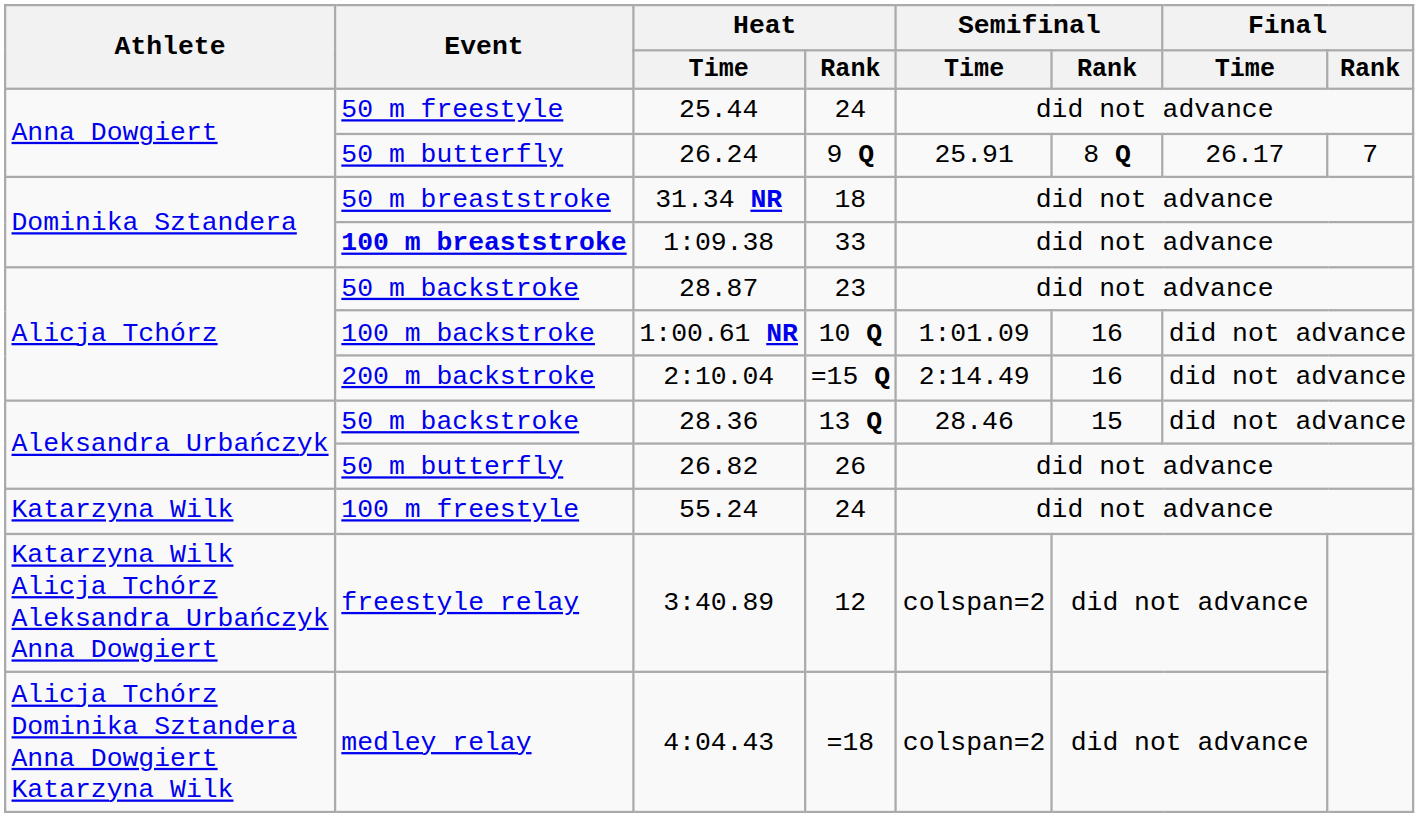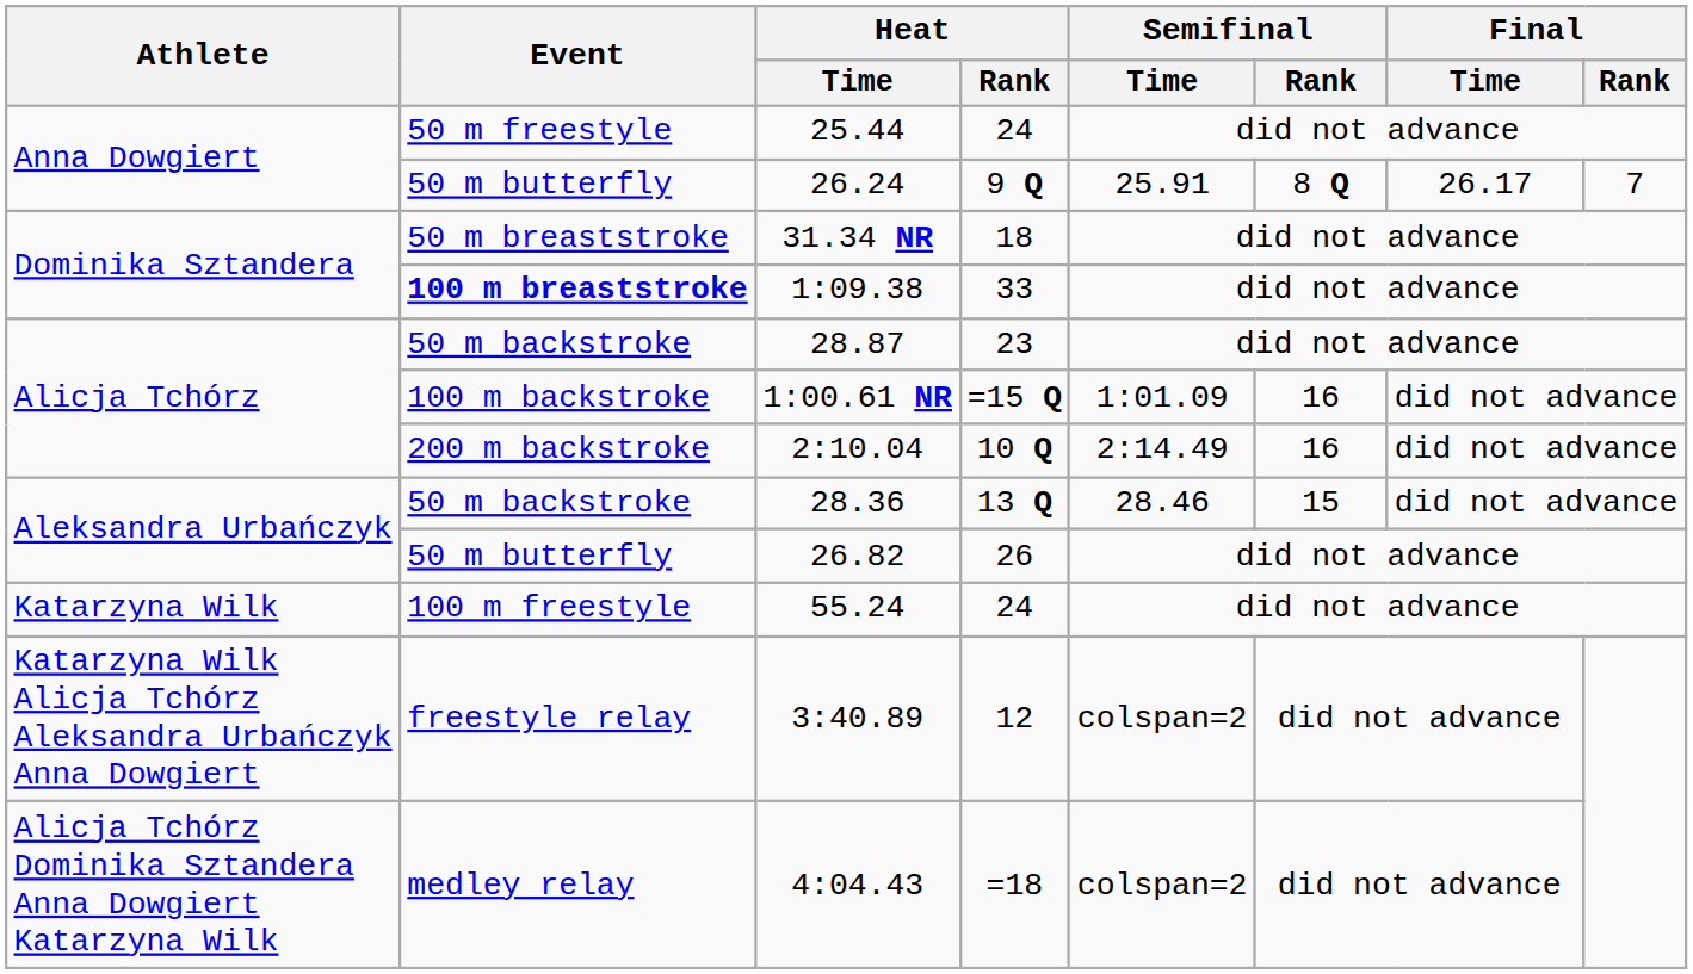 <table class=wikitable style="font-size:90%">
 <tr>
 <th rowspan="2">Athlete</th>
 <th rowspan="2">Event</th>
 <th colspan="2">Heat</th>
 <th colspan="2">Semifinal</th>
 <th colspan="2">Final</th>
 </tr>
 <tr style="font-size:95%">
 <th>Time</th>
 <th>Rank</th>
 <th>Time</th>
 <th>Rank</th>
 <th>Time</th>
 <th>Rank</th>
 </tr>
 <tr align=center>
 <td align=left rowspan=2><a href='#'>Anna Dowgiert</a></td>
 <td align=left><a href='#'>50 m freestyle</a></td>
 <td>25.44</td>
 <td>24</td>
 <td colspan=4>did not advance</td>
 </tr>
 <tr align=center>
 <td align=left><a href='#'>50 m butterfly</a></td>
 <td>26.24</td>
 <td>9 <strong>Q</strong></td>
 <td>25.91</td>
 <td>8 <strong>Q</strong></td>
 <td>26.17</td>
 <td>7</td>
 </tr>
 <tr align=center>
 <td align=left rowspan=2><a href='#'>Dominika Sztandera</a></td>
 <td align=left><a href='#'>50 m breaststroke</a></td>
 <td>31.34 <strong><a href='#'>NR</a></strong></td>
 <td>18</td>
 <td colspan=4>did not advance</td>
 </tr>
 <tr align=center>
 <td align=left><strong><a href='#'>100 m breaststroke</a></strong></td>
 <td>1:09.38</td>
 <td>33</td>
 <td colspan=4>did not advance</td>
 </tr>
 <tr align=center>
 <td align=left rowspan=3><a href='#'>Alicja Tchórz</a></td>
 <td align=left><a href='#'>50 m backstroke</a></td>
 <td>28.87</td>
 <td>23</td>
 <td colspan=4>did not advance</td>
 </tr>
 <tr align=center>
 <td align=left><a href='#'>100 m backstroke</a></td>
 <td>1:00.61 <strong><a href='#'>NR</a></strong></td>
-<td>10 <strong>Q</strong></td>
+<td>=15 <strong>Q</strong></td>
 <td>1:01.09</td>
 <td>16</td>
 <td colspan=2>did not advance</td>
 </tr>
 <tr align=center>
 <td align=left><a href='#'>200 m backstroke</a></td>
 <td>2:10.04</td>
-<td>=15 <strong>Q</strong></td>
+<td>10 <strong>Q</strong></td>
 <td>2:14.49</td>
 <td>16</td>
 <td colspan=2>did not advance</td>
 </tr>
 <tr align=center>
 <td align=left rowspan=2><a href='#'>Aleksandra Urbańczyk</a></td>
 <td align=left><a href='#'>50 m backstroke</a></td>
 <td>28.36</td>
 <td>13 <strong>Q</strong></td>
 <td>28.46</td>
 <td>15</td>
 <td colspan=2>did not advance</td>
 </tr>
 <tr align=center>
 <td align=left><a href='#'>50 m butterfly</a></td>
 <td>26.82</td>
 <td>26</td>
 <td colspan=4>did not advance</td>
 </tr>
 <tr align=center>
 <td align=left><a href='#'>Katarzyna Wilk</a></td>
 <td align=left><a href='#'>100 m freestyle</a></td>
 <td>55.24</td>
 <td>24</td>
 <td colspan=4>did not advance</td>
 </tr>
 <tr align=center>
 <td align=left><a href='#'>Katarzyna Wilk</a><br><a href='#'>Alicja Tchórz</a><br><a href='#'>Aleksandra Urbańczyk</a><br><a href='#'>Anna Dowgiert</a></td>
 <td align=left><a href='#'> freestyle relay</a></td>
 <td>3:40.89</td>
 <td>12</td>
 <td>colspan=2 </td>
 <td colspan=2>did not advance</td>
 </tr>
 <tr align=center>
 <td align=left><a href='#'>Alicja Tchórz</a><br><a href='#'>Dominika Sztandera</a><br><a href='#'>Anna Dowgiert</a><br><a href='#'>Katarzyna Wilk</a></td>
 <td align=left><a href='#'> medley relay</a></td>
 <td>4:04.43</td>
 <td>=18</td>
 <td>colspan=2 </td>
 <td colspan=2>did not advance</td>
 </tr>
 </table>
